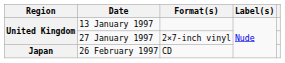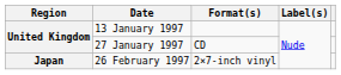 <table class="wikitable plainrowheaders">
 <tr>
 <th scope="col">Region</th>
 <th scope="col">Date</th>
 <th scope="col">Format(s)</th>
 <th scope="col">Label(s)</th>
 <th scope="col"></th>
 </tr>
 <tr>
 <th scope="row" rowspan="2">United Kingdom</th>
 <td>13 January 1997</td>
 <td></td>
 <td rowspan="3"><a href='#'>Nude</a></td>
 <td></td>
 </tr>
 <tr>
 <td>27 January 1997</td>
-<td>2×7-inch vinyl</td>
+<td>CD</td>
 <td></td>
 </tr>
 <tr>
 <th scope="row">Japan</th>
 <td>26 February 1997</td>
-<td>CD</td>
+<td>2×7-inch vinyl</td>
 <td></td>
 </tr>
 </table>
